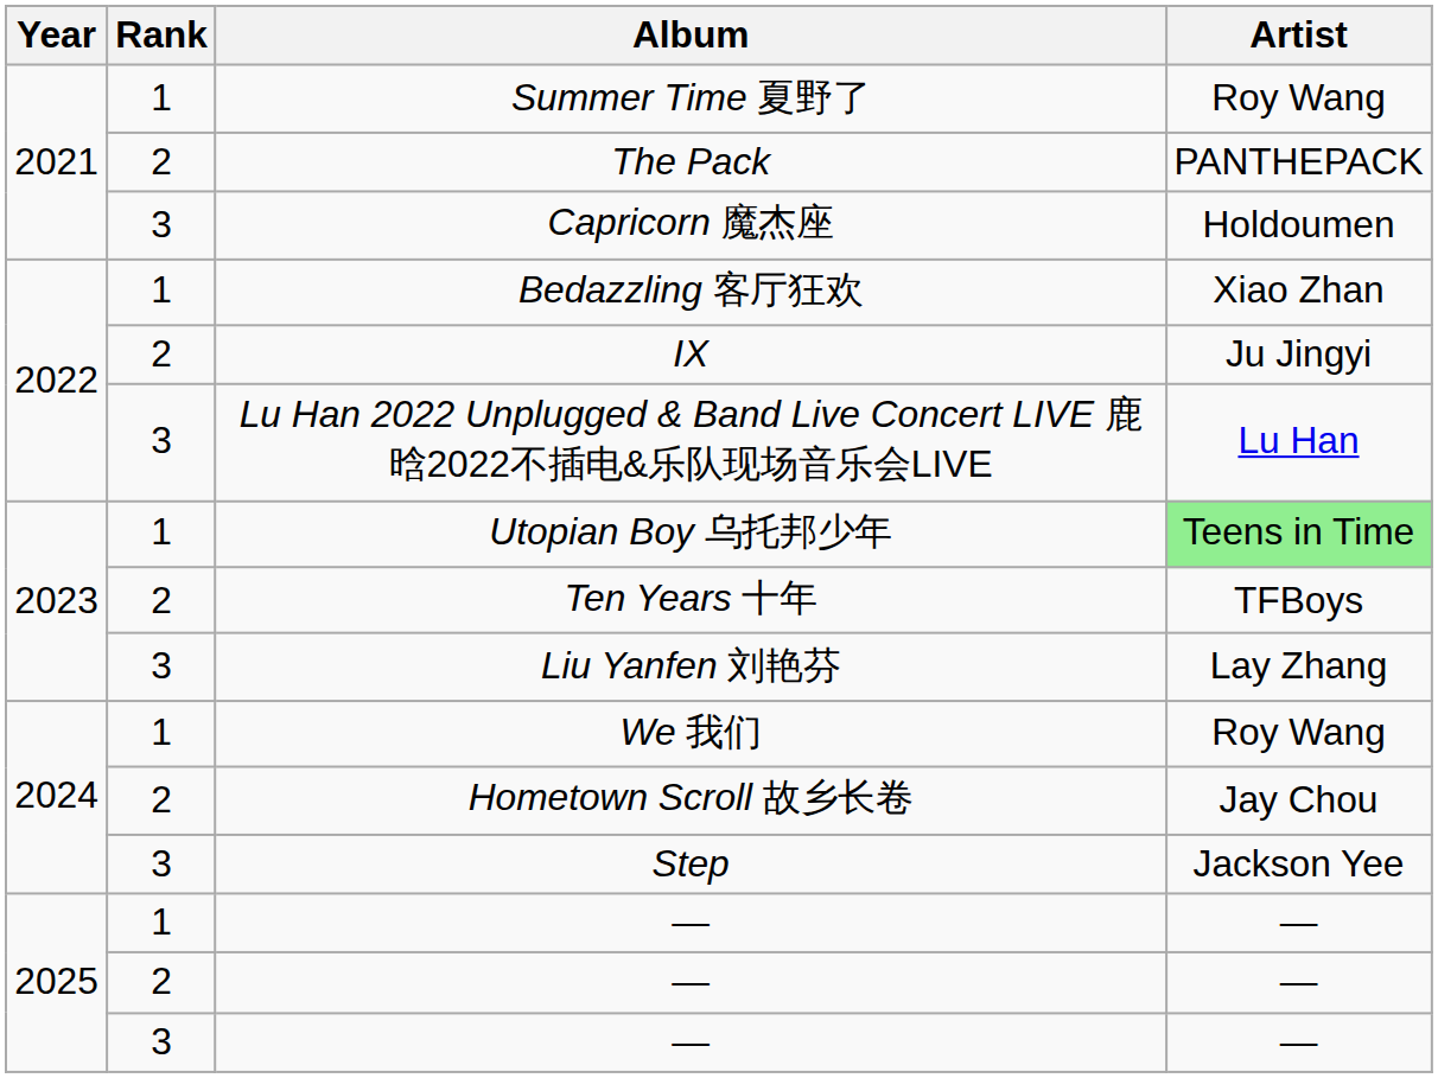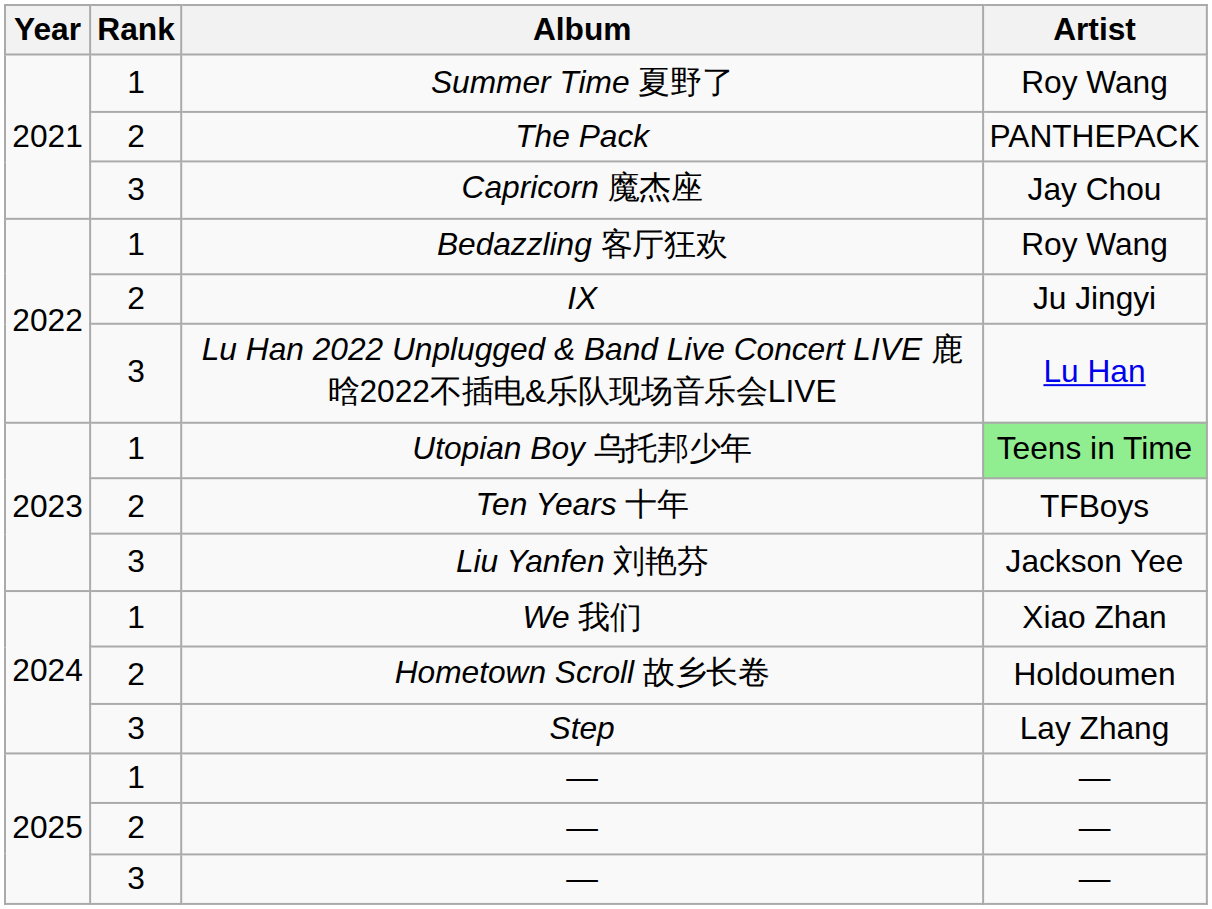 <table class="wikitable plainrowheaders" style="text-align:center">
 <tr>
 <th>Year</th>
 <th>Rank</th>
 <th>Album</th>
 <th>Artist</th>
 </tr>
 <tr>
 <td rowspan="3">2021</td>
 <td>1</td>
 <td><em>Summer Time</em> 夏野了</td>
 <td>Roy Wang</td>
 </tr>
 <tr>
 <td>2</td>
 <td><em>The Pack</em></td>
 <td>PANTHEPACK</td>
 </tr>
 <tr>
 <td>3</td>
 <td><em>Capricorn</em> 魔杰座</td>
-<td>Holdoumen</td>
+<td>Jay Chou</td>
 </tr>
 <tr>
 <td rowspan="3">2022</td>
 <td>1</td>
 <td><em>Bedazzling</em> 客厅狂欢</td>
-<td>Xiao Zhan</td>
+<td>Roy Wang</td>
 </tr>
 <tr>
 <td>2</td>
 <td><em>IX</em></td>
 <td>Ju Jingyi</td>
 </tr>
 <tr>
 <td>3</td>
 <td><em>Lu Han 2022 Unplugged & Band Live Concert LIVE</em> 鹿晗2022不插电&乐队现场音乐会LIVE</td>
 <td><a href='#'>Lu Han</a></td>
 </tr>
 <tr>
 <td rowspan="3">2023</td>
 <td>1</td>
 <td><em>Utopian Boy</em> 乌托邦少年</td>
 <td style="background: lightgreen;">Teens in Time</td>
 </tr>
 <tr>
 <td>2</td>
 <td><em>Ten Years</em> 十年</td>
 <td>TFBoys</td>
 </tr>
 <tr>
 <td>3</td>
 <td><em>Liu Yanfen</em> 刘艳芬</td>
-<td>Lay Zhang</td>
+<td>Jackson Yee</td>
 </tr>
 <tr>
 <td rowspan="3">2024</td>
 <td>1</td>
 <td><em>We</em> 我们</td>
-<td>Roy Wang</td>
+<td>Xiao Zhan</td>
 </tr>
 <tr>
 <td>2</td>
 <td><em>Hometown Scroll</em> 故乡长卷</td>
-<td>Jay Chou</td>
+<td>Holdoumen</td>
 </tr>
 <tr>
 <td>3</td>
 <td><em>Step</em></td>
-<td>Jackson Yee</td>
+<td>Lay Zhang</td>
 </tr>
 <tr>
 <td rowspan="3">2025</td>
 <td>1</td>
 <td>—</td>
 <td>—</td>
 </tr>
 <tr>
 <td>2</td>
 <td>—</td>
 <td>—</td>
 </tr>
 <tr>
 <td>3</td>
 <td>—</td>
 <td>—</td>
 </tr>
 </table>
